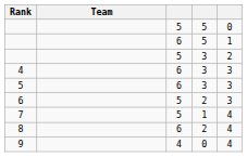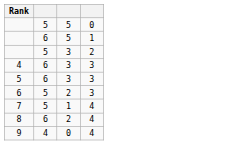 <table class="wikitable" style="text-align: center;">
 <tr>
 <th width=40>Rank</th>
-<th width=180>Team</th>
 <th width=30></th>
 <th width=30></th>
 <th width=30></th>
 </tr>
 <tr>
 <td></td>
-<td align=left></td>
 <td>5</td>
 <td>5</td>
 <td>0</td>
 </tr>
 <tr>
 <td></td>
-<td align=left></td>
 <td>6</td>
 <td>5</td>
 <td>1</td>
 </tr>
 <tr>
 <td></td>
-<td align=left></td>
 <td>5</td>
 <td>3</td>
 <td>2</td>
 </tr>
 <tr>
 <td>4</td>
-<td align=left></td>
 <td>6</td>
 <td>3</td>
 <td>3</td>
 </tr>
 <tr>
 <td>5</td>
-<td align=left></td>
 <td>6</td>
 <td>3</td>
 <td>3</td>
 </tr>
 <tr>
 <td>6</td>
-<td align=left></td>
 <td>5</td>
 <td>2</td>
 <td>3</td>
 </tr>
 <tr>
 <td>7</td>
-<td align=left></td>
 <td>5</td>
 <td>1</td>
 <td>4</td>
 </tr>
 <tr>
 <td>8</td>
-<td align=left></td>
 <td>6</td>
 <td>2</td>
 <td>4</td>
 </tr>
 <tr>
 <td>9</td>
-<td align=left></td>
 <td>4</td>
 <td>0</td>
 <td>4</td>
 </tr>
 </table>
